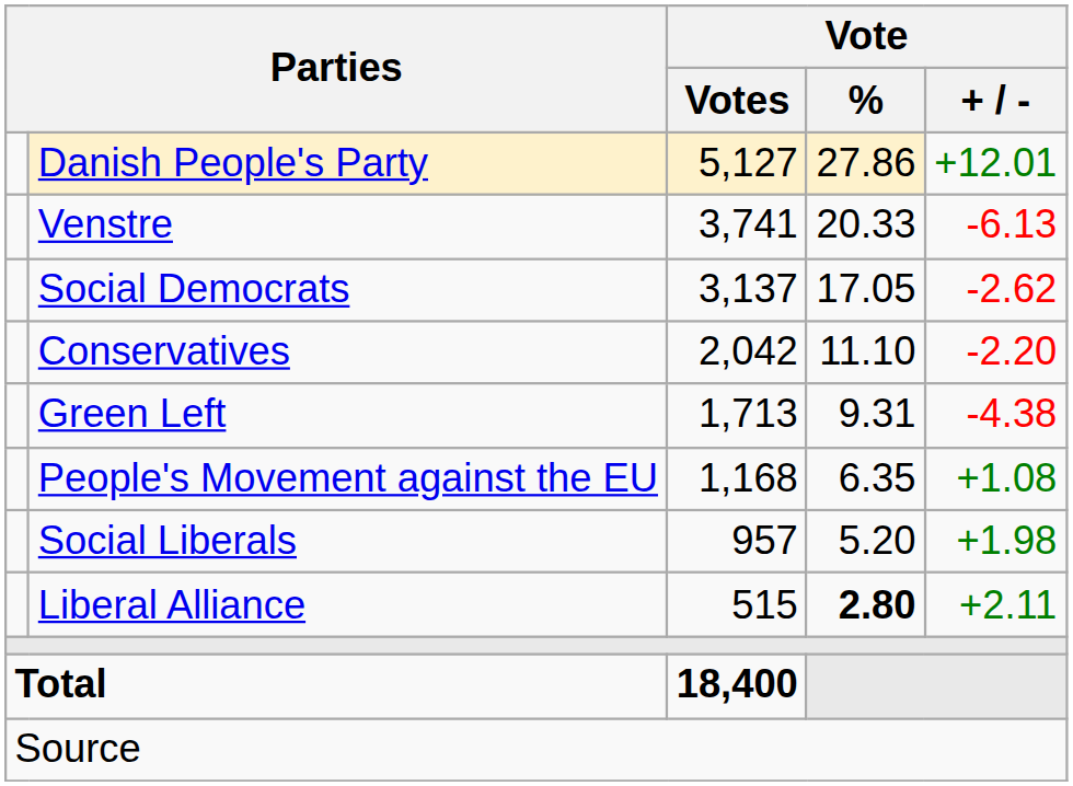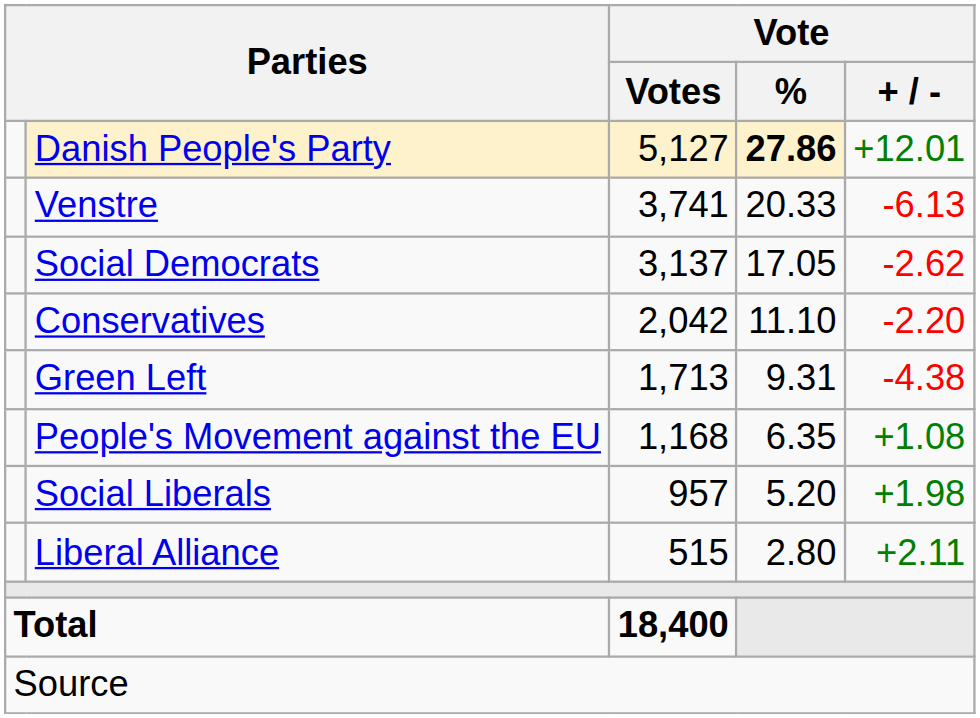 <table class="wikitable" style="text-align:right;">
 <tr>
 <th style="text-align:centre;" rowspan="2" colspan="2" width="225">Parties</th>
 <th colspan="3">Vote</th>
 </tr>
 <tr>
 <th width="15">Votes</th>
 <th width="15">%</th>
 <th width="15">+ / -</th>
 </tr>
 <tr>
 <td width="2" style="color:inherit;background:"></td>
 <td bgcolor=#fef2cc   align="left"><a href='#'>Danish People's Party</a></td>
 <td bgcolor=#fef2cc>5,127</td>
-<td bgcolor=#fef2cc>27.86</td>
+<td bgcolor=#fef2cc><strong>27.86</strong></td>
 <td style=color:green;>+12.01</td>
 </tr>
 <tr>
 <td width="2" style="color:inherit;background:"></td>
 <td align="left"><a href='#'>Venstre</a></td>
 <td>3,741</td>
 <td>20.33</td>
 <td style=color:red;>-6.13</td>
 </tr>
 <tr>
 <td width="2" style="color:inherit;background:"></td>
 <td align="left"><a href='#'>Social Democrats</a></td>
 <td>3,137</td>
 <td>17.05</td>
 <td style=color:red;>-2.62</td>
 </tr>
 <tr>
 <td width="2" style="color:inherit;background:"></td>
 <td align="left"><a href='#'>Conservatives</a></td>
 <td>2,042</td>
 <td>11.10</td>
 <td style=color:red;>-2.20</td>
 </tr>
 <tr>
 <td width="2" style="color:inherit;background:"></td>
 <td align="left"><a href='#'>Green Left</a></td>
 <td>1,713</td>
 <td>9.31</td>
 <td style=color:red;>-4.38</td>
 </tr>
 <tr>
 <td width="2" style="color:inherit;background:"></td>
 <td align="left"><a href='#'>People's Movement against the EU</a></td>
 <td>1,168</td>
 <td>6.35</td>
 <td style=color:green;>+1.08</td>
 </tr>
 <tr>
 <td width="2" style="color:inherit;background:"></td>
 <td align="left"><a href='#'>Social Liberals</a></td>
 <td>957</td>
 <td>5.20</td>
 <td style=color:green;>+1.98</td>
 </tr>
 <tr>
 <td width="2" style="color:inherit;background:"></td>
 <td align="left"><a href='#'>Liberal Alliance</a></td>
 <td>515</td>
-<td><strong>2.80</strong></td>
+<td>2.80</td>
 <td style=color:green;>+2.11</td>
 </tr>
 <tr>
 <td colspan="7" bgcolor="#E9E9E9"></td>
 </tr>
 <tr>
 <td align="left" colspan="2"><strong>Total</strong></td>
 <td><strong>18,400</strong></td>
 <td bgcolor="#E9E9E9" colspan="2"></td>
 </tr>
 <tr>
 <td align="left" colspan="6">Source</td>
 </tr>
 </table>
